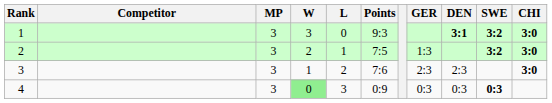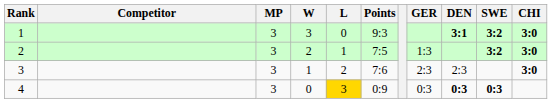 <table class="wikitable" style="text-align:center">
 <tr>
 <th>Rank</th>
 <th style="width:18em">Competitor</th>
 <th style="width:2.5em">MP</th>
 <th style="width:2.5em">W</th>
 <th style="width:2.5em">L</th>
 <th>Points</th>
 <th rowspan="5"> </th>
 <th style="width:2.5em">GER</th>
 <th style="width:2.5em">DEN</th>
 <th style="width:2.5em">SWE</th>
 <th style="width:2.5em">CHI</th>
 </tr>
 <tr style="background:#cfc;">
 <td>1</td>
 <td style="text-align:left"></td>
 <td>3</td>
 <td>3</td>
 <td>0</td>
 <td>9:3</td>
 <td></td>
 <td><strong>3:1</strong></td>
 <td><strong>3:2</strong></td>
 <td><strong>3:0</strong></td>
 </tr>
 <tr style="background:#cfc;">
 <td>2</td>
 <td style="text-align:left"></td>
 <td>3</td>
 <td>2</td>
 <td>1</td>
 <td>7:5</td>
 <td>1:3</td>
 <td></td>
 <td><strong>3:2</strong></td>
 <td><strong>3:0</strong></td>
 </tr>
 <tr>
 <td>3</td>
 <td style="text-align:left"></td>
 <td>3</td>
 <td>1</td>
 <td>2</td>
 <td>7:6</td>
 <td>2:3</td>
 <td>2:3</td>
 <td></td>
 <td><strong>3:0</strong></td>
 </tr>
 <tr>
 <td>4</td>
 <td style="text-align:left"></td>
 <td>3</td>
-<td style="background: lightgreen;">0</td>
-<td>3</td>
+<td>0</td>
+<td style="background: gold;">3</td>
 <td>0:9</td>
 <td>0:3</td>
-<td>0:3</td>
+<td><strong>0:3</strong></td>
 <td><strong>0:3</strong></td>
 <td></td>
 </tr>
 </table>
